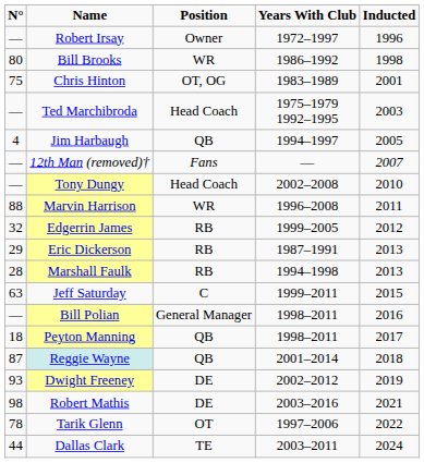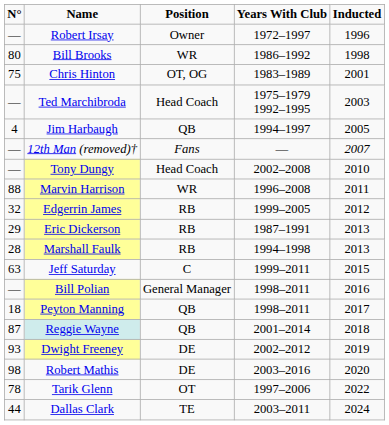 <table class="wikitable" style="text-align:center">
 <tr>
 <td><strong>N°</strong></td>
 <td><strong>Name</strong></td>
 <td><strong>Position </strong></td>
 <td><strong>Years With Club</strong></td>
 <td><strong>Inducted</strong></td>
 </tr>
 <tr>
 <td>—</td>
 <td><a href='#'>Robert Irsay</a></td>
 <td>Owner</td>
 <td>1972–1997</td>
 <td>1996</td>
 </tr>
 <tr>
 <td>80</td>
 <td><a href='#'>Bill Brooks</a></td>
 <td>WR</td>
 <td>1986–1992</td>
 <td>1998</td>
 </tr>
 <tr>
 <td>75</td>
 <td><a href='#'>Chris Hinton</a></td>
 <td>OT, OG</td>
 <td>1983–1989</td>
 <td>2001</td>
 </tr>
 <tr>
 <td>—</td>
 <td><a href='#'>Ted Marchibroda</a></td>
 <td>Head Coach</td>
 <td>1975–1979<br>1992–1995</td>
 <td>2003</td>
 </tr>
 <tr>
 <td>4</td>
 <td><a href='#'>Jim Harbaugh</a></td>
 <td>QB</td>
 <td>1994–1997</td>
 <td>2005</td>
 </tr>
 <tr>
 <td>—</td>
 <td><em><a href='#'>12th Man</a> (removed)†</em></td>
 <td><em>Fans</em></td>
 <td>—</td>
 <td><em>2007</em></td>
 </tr>
 <tr>
 <td>—</td>
 <td style="background:#ff9"><a href='#'>Tony Dungy</a></td>
 <td>Head Coach</td>
 <td>2002–2008</td>
 <td>2010</td>
 </tr>
 <tr>
 <td>88</td>
 <td style="background:#ff9"><a href='#'>Marvin Harrison</a></td>
 <td>WR</td>
 <td>1996–2008</td>
 <td>2011</td>
 </tr>
 <tr>
 <td>32</td>
 <td style="background:#ff9"><a href='#'>Edgerrin James</a></td>
 <td>RB</td>
 <td>1999–2005</td>
 <td>2012</td>
 </tr>
 <tr>
 <td>29</td>
 <td style="background:#ff9"><a href='#'>Eric Dickerson</a></td>
 <td>RB</td>
 <td>1987–1991</td>
 <td>2013</td>
 </tr>
 <tr>
 <td>28</td>
 <td style="background:#ff9"><a href='#'>Marshall Faulk</a></td>
 <td>RB</td>
 <td>1994–1998</td>
 <td>2013</td>
 </tr>
 <tr>
 <td>63</td>
 <td><a href='#'>Jeff Saturday</a></td>
 <td>C</td>
 <td>1999–2011</td>
 <td>2015</td>
 </tr>
 <tr>
 <td>—</td>
 <td style="background:#ff9"><a href='#'>Bill Polian</a></td>
 <td>General Manager</td>
 <td>1998–2011</td>
 <td>2016</td>
 </tr>
 <tr>
 <td>18</td>
 <td style="background:#ff9"><a href='#'>Peyton Manning</a></td>
 <td>QB</td>
 <td>1998–2011</td>
 <td>2017</td>
 </tr>
 <tr>
 <td>87</td>
 <td style="background:#cfecec"><a href='#'>Reggie Wayne</a></td>
 <td>QB</td>
 <td>2001–2014</td>
 <td>2018</td>
 </tr>
 <tr>
 <td>93</td>
 <td style="background:#ff9"><a href='#'>Dwight Freeney</a></td>
 <td>DE</td>
 <td>2002–2012</td>
 <td>2019</td>
 </tr>
 <tr>
 <td>98</td>
 <td><a href='#'>Robert Mathis</a></td>
 <td>DE</td>
 <td>2003–2016</td>
-<td>2021</td>
+<td>2020</td>
 </tr>
 <tr>
 <td>78</td>
 <td><a href='#'>Tarik Glenn</a></td>
 <td>OT</td>
 <td>1997–2006</td>
 <td>2022</td>
 </tr>
 <tr>
 <td>44</td>
 <td><a href='#'>Dallas Clark</a></td>
 <td>TE</td>
 <td>2003–2011</td>
 <td>2024</td>
 </tr>
 </table>
